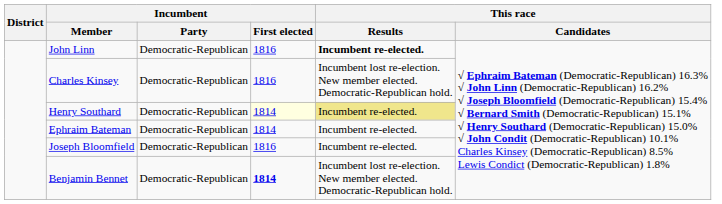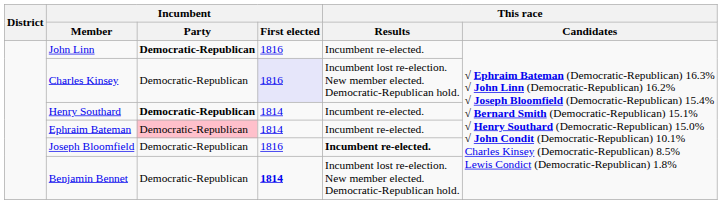 <table class=wikitable>
 <tr>
 <th rowspan=2>District</th>
 <th colspan=3>Incumbent</th>
 <th colspan=2>This race</th>
 </tr>
 <tr>
 <th>Member</th>
 <th>Party</th>
 <th>First elected</th>
 <th>Results</th>
 <th>Candidates</th>
 </tr>
 <tr>
 <td rowspan=6><br></td>
 <td><a href='#'>John Linn</a></td>
-<td>Democratic-Republican</td>
+<td><strong>Democratic-Republican</strong></td>
 <td><a href='#'>1816</a></td>
-<td><strong>Incumbent re-elected.</strong></td>
+<td>Incumbent re-elected.</td>
 <td rowspan=6 nowrap><strong>√ <a href='#'>Ephraim Bateman</a></strong> (Democratic-Republican) 16.3%<br><strong>√ <a href='#'>John Linn</a></strong> (Democratic-Republican) 16.2%<br><strong>√ <a href='#'>Joseph Bloomfield</a></strong> (Democratic-Republican) 15.4%<br><strong>√ <a href='#'>Bernard Smith</a></strong> (Democratic-Republican) 15.1%<br><strong>√ <a href='#'>Henry Southard</a></strong> (Democratic-Republican) 15.0%<br><strong>√ <a href='#'>John Condit</a></strong> (Democratic-Republican) 10.1%<br><a href='#'>Charles Kinsey</a> (Democratic-Republican) 8.5%<br><a href='#'>Lewis Condict</a> (Democratic-Republican) 1.8%</td>
 </tr>
 <tr>
 <td><a href='#'>Charles Kinsey</a></td>
 <td>Democratic-Republican</td>
-<td><a href='#'>1816</a></td>
+<td style="background: lavender;"><a href='#'>1816</a></td>
 <td>Incumbent lost re-election.<br>New member elected.<br>Democratic-Republican hold.</td>
 </tr>
 <tr>
 <td><a href='#'>Henry Southard</a></td>
-<td>Democratic-Republican</td>
-<td style="background: lightyellow;"><a href='#'>1814</a></td>
-<td style="background: khaki;">Incumbent re-elected.</td>
+<td><strong>Democratic-Republican</strong></td>
+<td><a href='#'>1814</a></td>
+<td>Incumbent re-elected.</td>
 </tr>
 <tr>
 <td><a href='#'>Ephraim Bateman</a></td>
-<td>Democratic-Republican</td>
+<td style="background: pink;">Democratic-Republican</td>
 <td><a href='#'>1814</a></td>
 <td>Incumbent re-elected.</td>
 </tr>
 <tr>
 <td><a href='#'>Joseph Bloomfield</a></td>
 <td>Democratic-Republican</td>
 <td><a href='#'>1816</a></td>
-<td>Incumbent re-elected.</td>
+<td><strong>Incumbent re-elected.</strong></td>
 </tr>
 <tr>
 <td><a href='#'>Benjamin Bennet</a></td>
 <td>Democratic-Republican</td>
 <td><strong><a href='#'>1814</a></strong></td>
 <td>Incumbent lost re-election.<br>New member elected.<br>Democratic-Republican hold.</td>
 </tr>
 </table>
